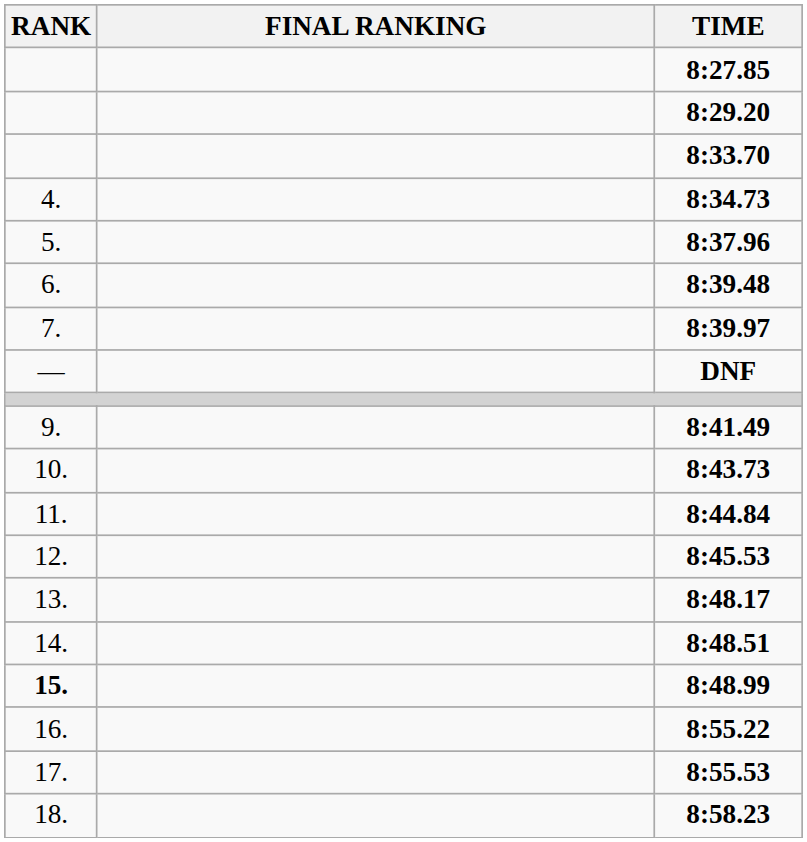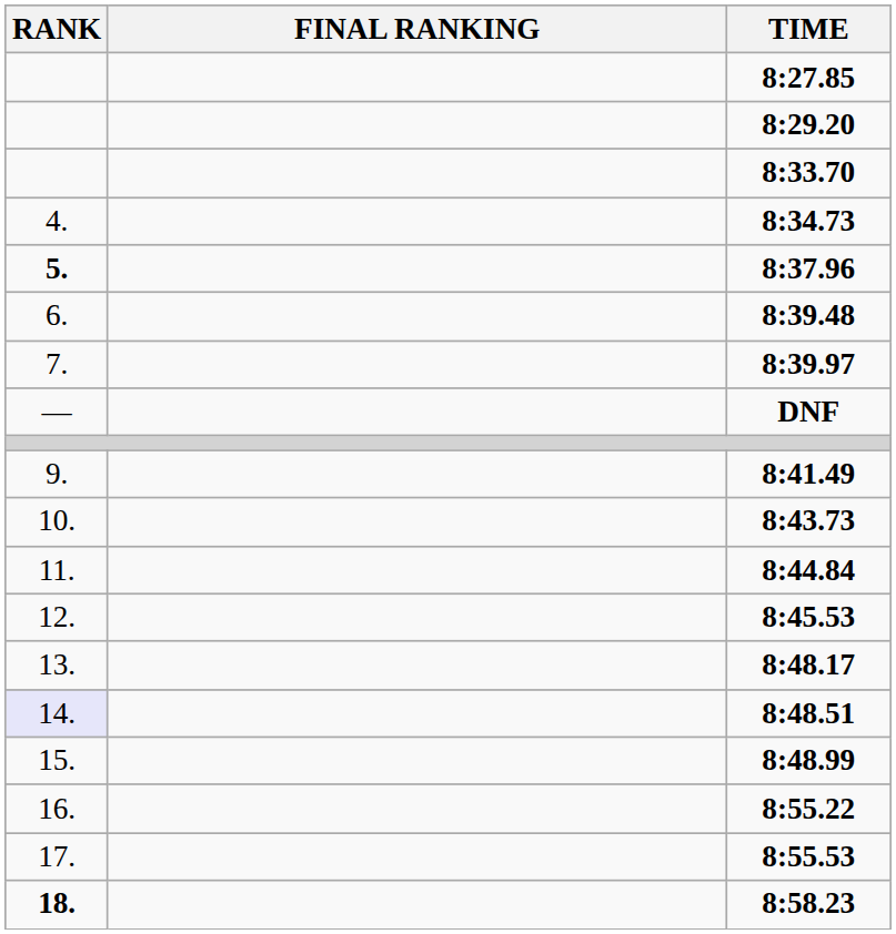 <table class="wikitable">
 <tr>
 <th>RANK</th>
 <th style="width: 20em">FINAL RANKING</th>
 <th style="width: 5em">TIME</th>
 </tr>
 <tr>
 <td align="center"></td>
 <td></td>
 <td align="center"><strong>8:27.85</strong></td>
 </tr>
 <tr>
 <td align="center"></td>
 <td></td>
 <td align="center"><strong>8:29.20</strong></td>
 </tr>
 <tr>
 <td align="center"></td>
 <td></td>
 <td align="center"><strong>8:33.70</strong></td>
 </tr>
 <tr>
 <td align="center">4.</td>
 <td></td>
 <td align="center"><strong>8:34.73</strong></td>
 </tr>
 <tr>
-<td align="center">5.</td>
+<td align="center"><strong>5.</strong></td>
 <td></td>
 <td align="center"><strong>8:37.96</strong></td>
 </tr>
 <tr>
 <td align="center">6.</td>
 <td></td>
 <td align="center"><strong>8:39.48</strong></td>
 </tr>
 <tr>
 <td align="center">7.</td>
 <td></td>
 <td align="center"><strong>8:39.97</strong></td>
 </tr>
 <tr>
 <td align="center">—</td>
 <td></td>
 <td align="center"><strong>DNF</strong></td>
 </tr>
 <tr>
 <td colspan=3 bgcolor=lightgray></td>
 </tr>
 <tr>
 <td align="center">9.</td>
 <td></td>
 <td align="center"><strong>8:41.49 </strong></td>
 </tr>
 <tr>
 <td align="center">10.</td>
 <td></td>
 <td align="center"><strong>8:43.73 </strong></td>
 </tr>
 <tr>
 <td align="center">11.</td>
 <td></td>
 <td align="center"><strong>8:44.84 </strong></td>
 </tr>
 <tr>
 <td align="center">12.</td>
 <td></td>
 <td align="center"><strong>8:45.53 </strong></td>
 </tr>
 <tr>
 <td align="center">13.</td>
 <td></td>
 <td align="center"><strong>8:48.17 </strong></td>
 </tr>
 <tr>
-<td align="center">14.</td>
+<td align="center" style="background: lavender;">14.</td>
 <td></td>
 <td align="center"><strong>8:48.51 </strong></td>
 </tr>
 <tr>
-<td align="center"><strong>15.</strong></td>
+<td align="center">15.</td>
 <td></td>
 <td align="center"><strong>8:48.99 </strong></td>
 </tr>
 <tr>
 <td align="center">16.</td>
 <td></td>
 <td align="center"><strong>8:55.22 </strong></td>
 </tr>
 <tr>
 <td align="center">17.</td>
 <td></td>
 <td align="center"><strong>8:55.53 </strong></td>
 </tr>
 <tr>
-<td align="center">18.</td>
+<td align="center"><strong>18.</strong></td>
 <td></td>
 <td align="center"><strong>8:58.23 </strong></td>
 </tr>
 </table>
